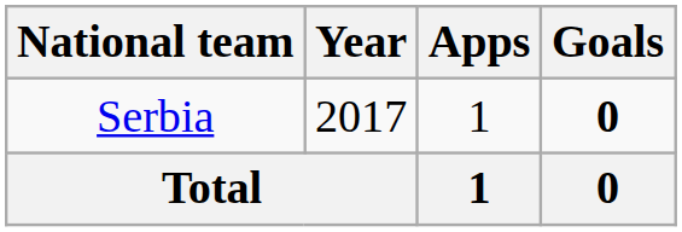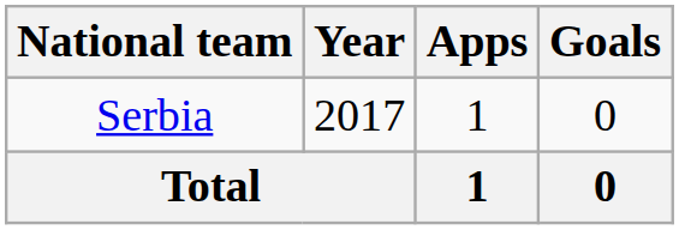 <table class="wikitable" style="text-align:center">
 <tr>
 <th>National team</th>
 <th>Year</th>
 <th>Apps</th>
 <th>Goals</th>
 </tr>
 <tr>
 <td style="vertical-align:center"><a href='#'>Serbia</a></td>
 <td>2017</td>
 <td>1</td>
-<td><strong>0</strong></td>
+<td>0</td>
 </tr>
 <tr>
 <th colspan="2">Total</th>
 <th>1</th>
 <th>0</th>
 </tr>
 </table>
